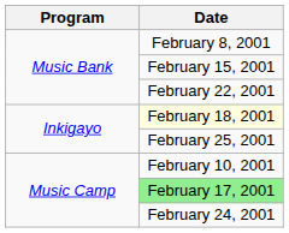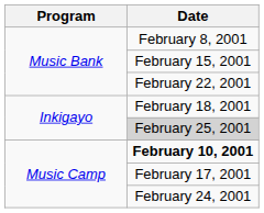 <table class="wikitable" style="text-align:center">
 <tr>
 <th width="130">Program</th>
 <th width="140">Date</th>
 </tr>
 <tr>
 <td rowspan="3"><em><a href='#'>Music Bank</a></em></td>
 <td>February 8, 2001</td>
 </tr>
 <tr>
 <td>February 15, 2001</td>
 </tr>
 <tr>
 <td>February 22, 2001</td>
 </tr>
 <tr>
 <td rowspan="2"><em><a href='#'>Inkigayo</a></em></td>
-<td style="background: lightyellow;">February 18, 2001</td>
+<td>February 18, 2001</td>
 </tr>
 <tr>
-<td>February 25, 2001</td>
+<td style="background: lightgrey;">February 25, 2001</td>
 </tr>
 <tr>
 <td rowspan="3"><em><a href='#'>Music Camp</a></em></td>
-<td>February 10, 2001</td>
+<td><strong>February 10, 2001</strong></td>
 </tr>
 <tr>
-<td style="background: lightgreen;">February 17, 2001</td>
+<td>February 17, 2001</td>
 </tr>
 <tr>
 <td>February 24, 2001</td>
 </tr>
 </table>
